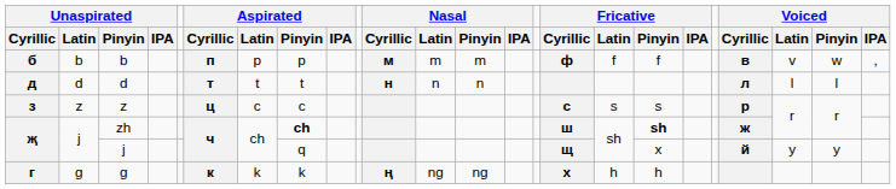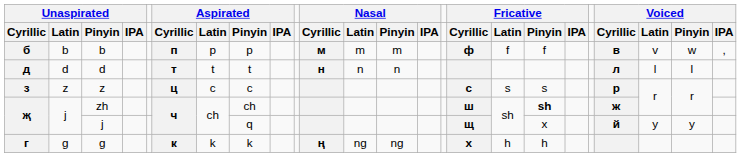 <table class="wikitable" style="font-size:1em;text-align:center;">
 <tr>
 <th colspan="4" align="center"><a href='#'>Unaspirated</a></th>
 <td></td>
 <th colspan="4" align="center"><a href='#'>Aspirated</a></th>
 <td></td>
 <th colspan="4" align="center"><a href='#'>Nasal</a></th>
 <td></td>
 <th colspan="4" align="center"><a href='#'>Fricative</a></th>
 <td></td>
 <th colspan="4" align="center"><a href='#'>Voiced</a></th>
 </tr>
 <tr>
 <th>Cyrillic</th>
 <th>Latin</th>
 <th>Pinyin</th>
 <th>IPA</th>
 <td></td>
 <th>Cyrillic</th>
 <th>Latin</th>
 <th>Pinyin</th>
 <th>IPA</th>
 <td></td>
 <th>Cyrillic</th>
 <th>Latin</th>
 <th>Pinyin</th>
 <th>IPA</th>
 <td></td>
 <th>Cyrillic</th>
 <th>Latin</th>
 <th>Pinyin</th>
 <th>IPA</th>
 <td></td>
 <th>Cyrillic</th>
 <th>Latin</th>
 <th>Pinyin</th>
 <th>IPA</th>
 </tr>
 <tr>
 <th>б</th>
 <td>b</td>
 <td>b</td>
 <td></td>
 <td></td>
 <th>п</th>
 <td>p</td>
 <td>p</td>
 <td></td>
 <td></td>
 <th>м</th>
 <td>m</td>
 <td>m</td>
 <td></td>
 <td></td>
 <th>ф</th>
 <td>f</td>
 <td>f</td>
 <td></td>
 <td></td>
 <th>в</th>
 <td>v</td>
 <td>w</td>
 <td>, </td>
 </tr>
 <tr>
 <th>д</th>
 <td>d</td>
 <td>d</td>
 <td></td>
 <td></td>
 <th>т</th>
 <td>t</td>
 <td>t</td>
 <td></td>
 <td></td>
 <th>н</th>
 <td>n</td>
 <td>n</td>
 <td></td>
 <td></td>
 <th></th>
 <td></td>
 <td></td>
 <td></td>
 <td></td>
 <th>л</th>
 <td>l</td>
 <td>l</td>
 <td></td>
 </tr>
 <tr>
 <th>з</th>
 <td>z</td>
 <td>z</td>
 <td></td>
 <td></td>
 <th>ц</th>
 <td>c</td>
 <td>c</td>
 <td></td>
 <td></td>
 <th></th>
 <td></td>
 <td></td>
 <td></td>
 <td></td>
 <th>с</th>
 <td>s</td>
 <td>s</td>
 <td></td>
 <td></td>
 <th>р</th>
 <td rowspan="2">r</td>
 <td rowspan="2">r</td>
 <td></td>
 </tr>
 <tr>
 <th rowspan="2">җ</th>
 <td rowspan="2">j</td>
 <td>zh</td>
 <td></td>
 <td></td>
 <th rowspan="2">ч</th>
 <td rowspan="2">ch</td>
-<td><strong>ch</strong></td>
+<td>ch</td>
 <td></td>
 <td></td>
 <th></th>
 <td></td>
 <td></td>
 <td></td>
 <td></td>
 <th>ш</th>
 <td rowspan="2">sh</td>
 <td><strong>sh</strong></td>
 <td></td>
 <td></td>
 <th>ж</th>
 <td></td>
 </tr>
 <tr>
 <td>j</td>
 <td></td>
 <td></td>
 <td>q</td>
 <td></td>
 <td></td>
 <th></th>
 <td></td>
 <td></td>
 <td></td>
 <td></td>
 <th>щ</th>
 <td>x</td>
 <td></td>
 <td></td>
 <th>й</th>
 <td>y</td>
 <td>y</td>
 <td></td>
 </tr>
 <tr>
 <th>г</th>
 <td>g</td>
 <td>g</td>
 <td></td>
 <td></td>
 <th>к</th>
 <td>k</td>
 <td>k</td>
 <td></td>
 <td></td>
 <th>ң</th>
 <td>ng</td>
 <td>ng</td>
 <td></td>
 <td></td>
 <th>х</th>
 <td>h</td>
 <td>h</td>
 <td></td>
 <td></td>
 <th></th>
 <td></td>
 <td></td>
 <td></td>
 </tr>
 </table>
